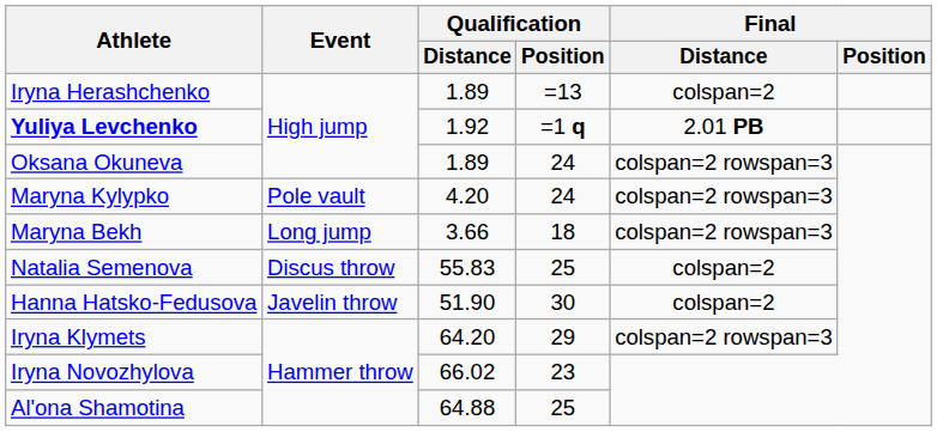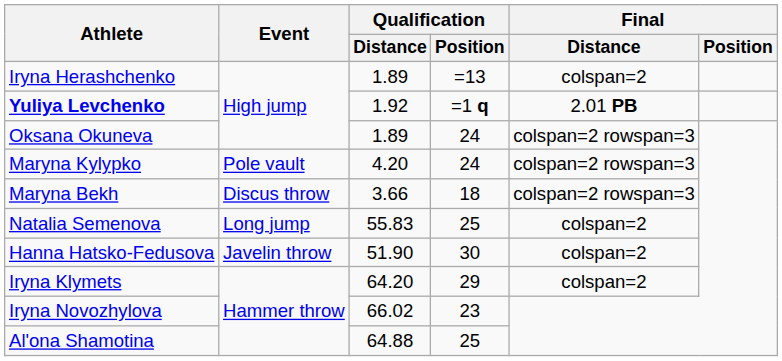 <table class=wikitable style="font-size:90%">
 <tr>
 <th rowspan="2">Athlete</th>
 <th rowspan="2">Event</th>
 <th colspan="2">Qualification</th>
 <th colspan="2">Final</th>
 </tr>
 <tr style="font-size:95%">
 <th>Distance</th>
 <th>Position</th>
 <th>Distance</th>
 <th>Position</th>
 </tr>
 <tr style=text-align:center>
 <td style=text-align:left><a href='#'>Iryna Herashchenko</a></td>
 <td style=text-align:left rowspan=3><a href='#'>High jump</a></td>
 <td>1.89</td>
 <td>=13</td>
 <td>colspan=2 </td>
 </tr>
 <tr style=text-align:center>
 <td style=text-align:left><strong><a href='#'>Yuliya Levchenko</a></strong></td>
 <td>1.92</td>
 <td>=1 <strong>q</strong></td>
 <td>2.01 <strong>PB</strong></td>
 <td></td>
 </tr>
 <tr style=text-align:center>
 <td style=text-align:left><a href='#'>Oksana Okuneva</a></td>
 <td>1.89</td>
 <td>24</td>
 <td>colspan=2 rowspan=3 </td>
 </tr>
 <tr style=text-align:center>
 <td style=text-align:left><a href='#'>Maryna Kylypko</a></td>
 <td style=text-align:left><a href='#'>Pole vault</a></td>
 <td>4.20</td>
 <td>24</td>
 <td>colspan=2 rowspan=3 </td>
 </tr>
 <tr style=text-align:center>
 <td style=text-align:left><a href='#'>Maryna Bekh</a></td>
-<td style=text-align:left><a href='#'>Long jump</a></td>
+<td style=text-align:left><a href='#'>Discus throw</a></td>
 <td>3.66</td>
 <td>18</td>
 <td>colspan=2 rowspan=3 </td>
 </tr>
 <tr style=text-align:center>
 <td style=text-align:left><a href='#'>Natalia Semenova</a></td>
-<td style=text-align:left><a href='#'>Discus throw</a></td>
+<td style=text-align:left><a href='#'>Long jump</a></td>
 <td>55.83</td>
 <td>25</td>
 <td>colspan=2 </td>
 </tr>
 <tr style=text-align:center>
 <td style=text-align:left><a href='#'>Hanna Hatsko-Fedusova</a></td>
 <td style=text-align:left><a href='#'>Javelin throw</a></td>
 <td>51.90</td>
 <td>30</td>
 <td>colspan=2 </td>
 </tr>
 <tr style=text-align:center>
 <td style=text-align:left><a href='#'>Iryna Klymets</a></td>
 <td style=text-align:left  rowspan=3><a href='#'>Hammer throw</a></td>
 <td>64.20</td>
 <td>29</td>
-<td>colspan=2 rowspan=3 </td>
+<td>colspan=2 </td>
 </tr>
 <tr style=text-align:center>
 <td style=text-align:left><a href='#'>Iryna Novozhylova</a></td>
 <td>66.02</td>
 <td>23</td>
 </tr>
 <tr style=text-align:center>
 <td style=text-align:left><a href='#'>Al'ona Shamotina</a></td>
 <td>64.88</td>
 <td>25</td>
 </tr>
 </table>
